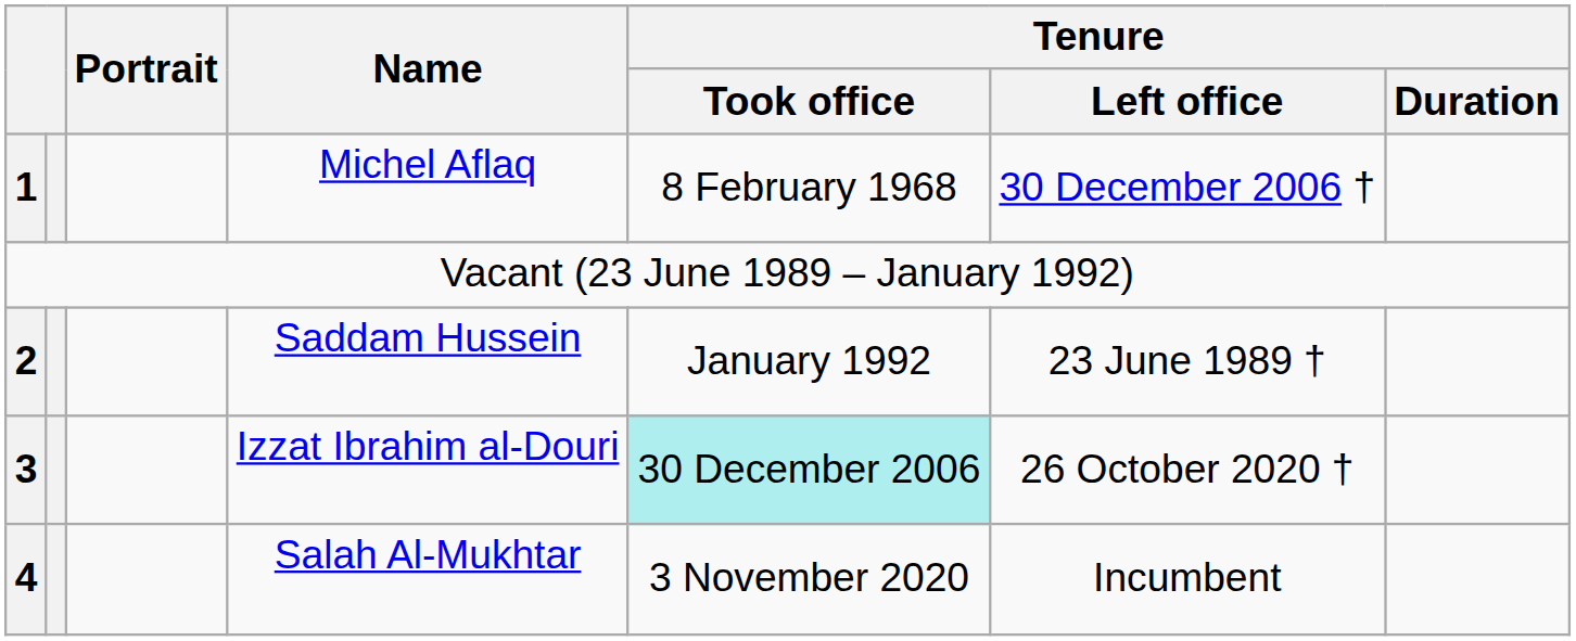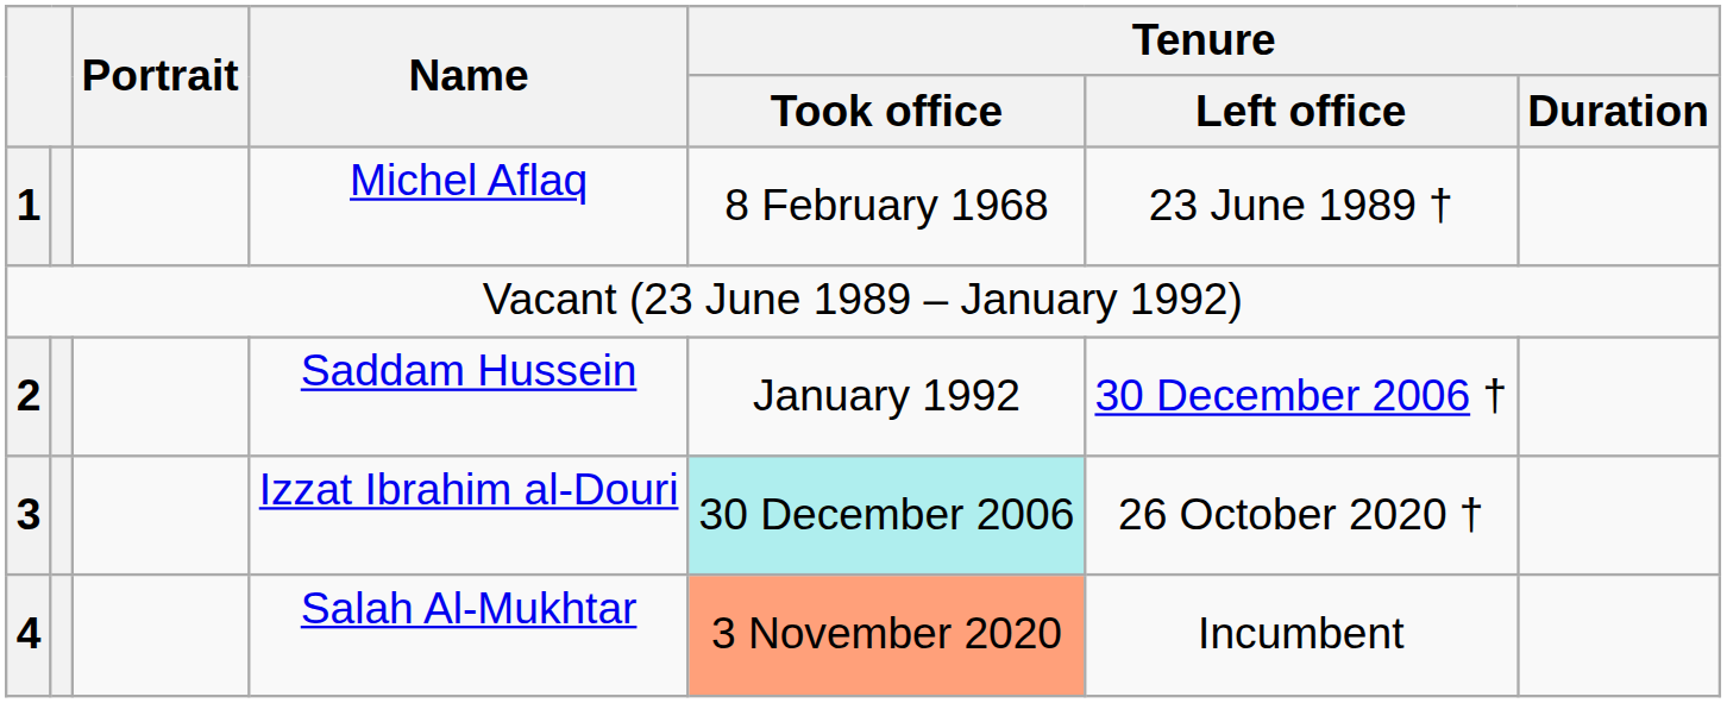 <table class="wikitable" style="text-align:center">
 <tr>
 <th rowspan=2 colspan=2></th>
 <th rowspan=2>Portrait</th>
 <th rowspan=2>Name<br></th>
 <th colspan=3>Tenure</th>
 </tr>
 <tr>
 <th>Took office</th>
 <th>Left office</th>
 <th>Duration</th>
 </tr>
 <tr>
 <th>1</th>
 <th style="background:"></th>
 <td></td>
 <td><a href='#'>Michel Aflaq</a><br><br></td>
 <td>8 February 1968</td>
-<td><a href='#'>30 December 2006</a> †</td>
+<td>23 June 1989 †</td>
 <td></td>
 </tr>
 <tr>
 <td colspan=7>Vacant (23 June 1989 – January 1992)</td>
 </tr>
 <tr>
 <th>2</th>
 <th style="background:"></th>
 <td></td>
 <td><a href='#'>Saddam Hussein</a><br><br></td>
 <td>January 1992</td>
-<td>23 June 1989 †</td>
+<td><a href='#'>30 December 2006</a> †</td>
 <td></td>
 </tr>
 <tr>
 <th>3</th>
 <th style="background:"></th>
 <td></td>
 <td><a href='#'>Izzat Ibrahim al-Douri</a><br><br></td>
 <td style="background: paleturquoise;">30 December 2006</td>
 <td>26 October 2020 †</td>
 <td></td>
 </tr>
 <tr>
 <th>4</th>
 <th style="background:"></th>
 <td></td>
 <td><a href='#'>Salah Al-Mukhtar</a><br><br></td>
-<td>3 November 2020</td>
+<td style="background: lightsalmon;">3 November 2020</td>
 <td>Incumbent</td>
 <td></td>
 </tr>
 </table>
